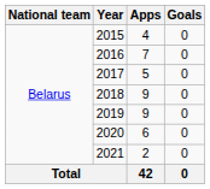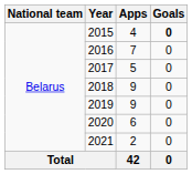 <table class="wikitable" style="text-align:center">
 <tr>
 <th>National team</th>
 <th>Year</th>
 <th>Apps</th>
 <th>Goals</th>
 </tr>
 <tr>
 <td rowspan="7"><a href='#'>Belarus</a></td>
 <td>2015</td>
 <td>4</td>
-<td>0</td>
+<td><strong>0</strong></td>
 </tr>
 <tr>
 <td>2016</td>
 <td>7</td>
 <td>0</td>
 </tr>
 <tr>
 <td>2017</td>
 <td>5</td>
 <td>0</td>
 </tr>
 <tr>
 <td>2018</td>
 <td>9</td>
 <td>0</td>
 </tr>
 <tr>
 <td>2019</td>
 <td>9</td>
 <td>0</td>
 </tr>
 <tr>
 <td>2020</td>
 <td>6</td>
 <td>0</td>
 </tr>
 <tr>
 <td>2021</td>
 <td>2</td>
 <td>0</td>
 </tr>
 <tr>
 <th colspan="2">Total</th>
 <th>42</th>
 <th>0</th>
 </tr>
 </table>
